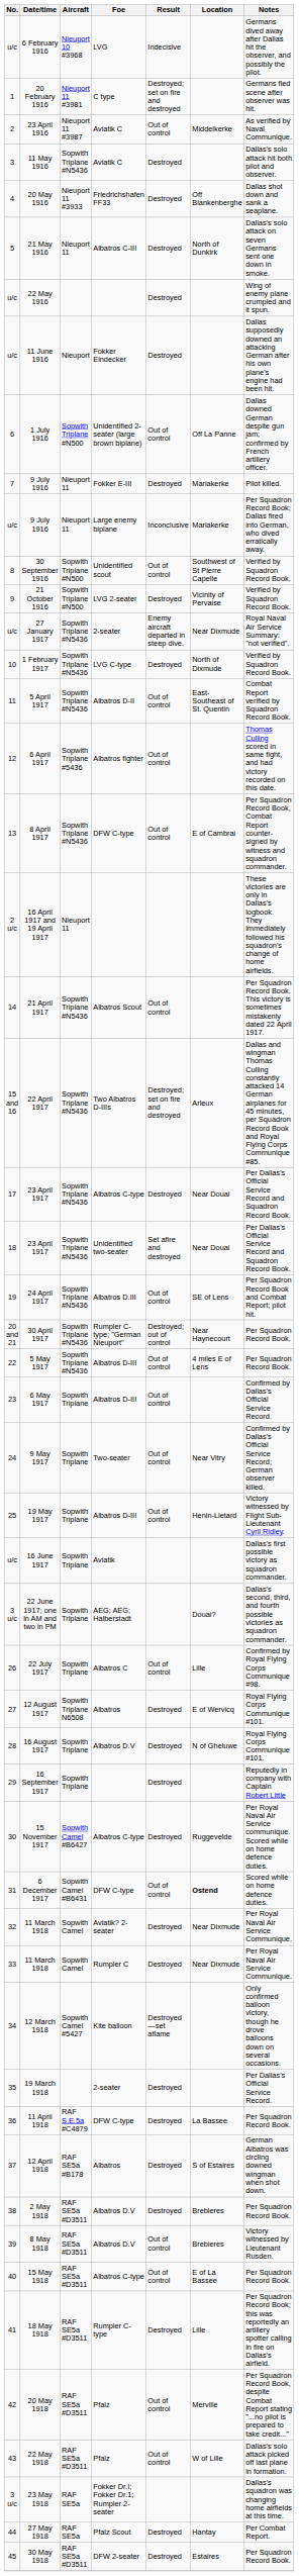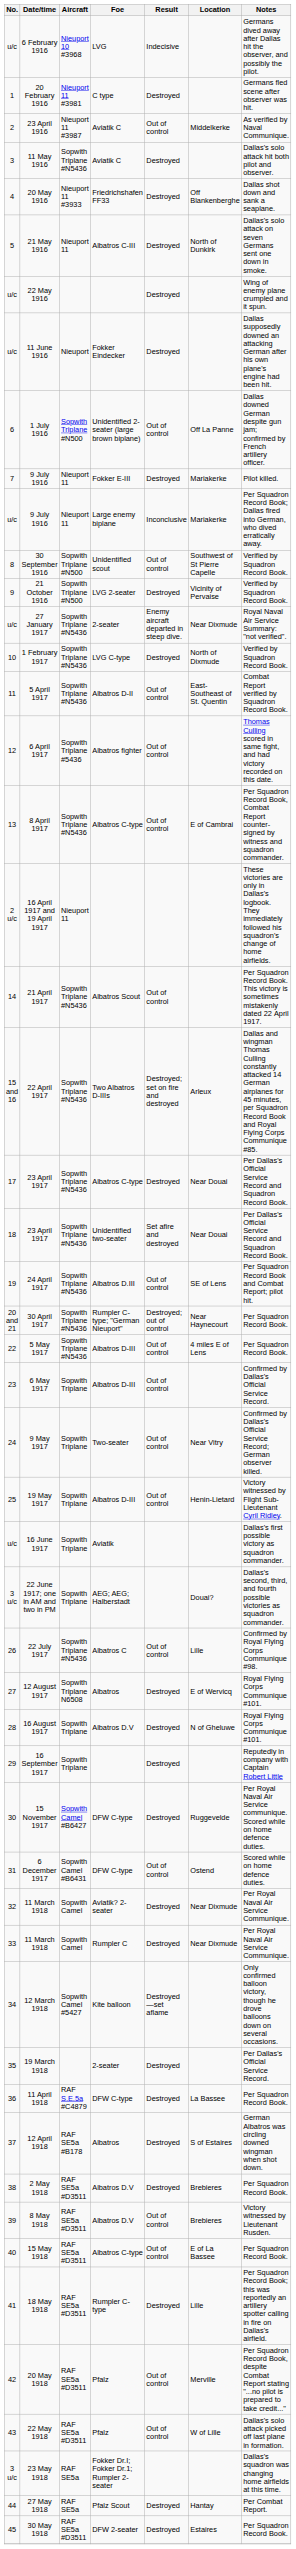 <table class="wikitable" border="1" style="margin: 1em auto 1em auto">
 <tr>
 <th>No.</th>
 <th>Date/time</th>
 <th>Aircraft</th>
 <th>Foe</th>
 <th>Result</th>
 <th>Location</th>
 <th>Notes</th>
 </tr>
 <tr>
 <td align="center">u/c</td>
 <td align="center">6 February 1916</td>
 <td><a href='#'>Nieuport 10</a> #3968</td>
 <td>LVG</td>
 <td>Indecisive</td>
 <td></td>
 <td>Germans dived away after Dallas hit the observer, and possibly the pilot.</td>
 </tr>
 <tr>
 <td align="center">1</td>
 <td align="center">20 February 1916</td>
 <td><a href='#'>Nieuport 11</a> #3981</td>
 <td>C type</td>
-<td>Destroyed; set on fire and destroyed</td>
+<td>Destroyed</td>
 <td></td>
 <td>Germans fled scene after observer was hit.</td>
 </tr>
 <tr>
 <td align="center">2</td>
 <td align="center">23 April 1916</td>
 <td>Nieuport 11 #3987</td>
 <td>Aviatik C</td>
 <td>Out of control</td>
 <td>Middelkerke</td>
 <td>As verified by Naval Communique.</td>
 </tr>
 <tr>
 <td align="center">3</td>
 <td align="center">11 May 1916</td>
 <td>Sopwith Triplane #N5436</td>
 <td>Aviatik C</td>
 <td>Destroyed</td>
 <td></td>
 <td>Dallas's solo attack hit both pilot and observer.</td>
 </tr>
 <tr>
 <td align="center">4</td>
 <td align="center">20 May 1916</td>
 <td>Nieuport 11 #3933</td>
 <td>Friedrichshafen FF33</td>
 <td>Destroyed</td>
 <td>Off Blankenberghe</td>
 <td>Dallas shot down and sank a seaplane.</td>
 </tr>
 <tr>
 <td align="center">5</td>
 <td align="center">21 May 1916</td>
 <td>Nieuport 11</td>
 <td>Albatros C-III</td>
 <td>Destroyed</td>
 <td>North of Dunkirk</td>
 <td>Dallas's solo attack on seven Germans sent one down in smoke.</td>
 </tr>
 <tr>
 <td align="center">u/c</td>
 <td align="center">22 May 1916</td>
 <td></td>
 <td></td>
 <td>Destroyed</td>
 <td></td>
 <td>Wing of enemy plane crumpled and it spun.</td>
 </tr>
 <tr>
 <td align="center">u/c</td>
 <td align="center">11 June 1916</td>
 <td>Nieuport</td>
 <td>Fokker Eindecker</td>
 <td>Destroyed</td>
 <td></td>
 <td>Dallas supposedly downed an attacking German after his own plane's engine had been hit.</td>
 </tr>
 <tr>
 <td align="center">6</td>
 <td align="center">1 July 1916</td>
 <td><a href='#'>Sopwith Triplane</a> #N500</td>
 <td>Unidentified 2-seater (large brown biplane)</td>
 <td>Out of control</td>
 <td>Off La Panne</td>
 <td>Dallas downed German despite gun jam; confirmed by French artillery officer.</td>
 </tr>
 <tr>
 <td align="center">7</td>
 <td align="center">9 July 1916</td>
 <td>Nieuport 11</td>
 <td>Fokker E-III</td>
 <td>Destroyed</td>
 <td>Mariakerke</td>
 <td>Pilot killed.</td>
 </tr>
 <tr>
 <td align="center">u/c</td>
 <td align="center">9 July 1916</td>
 <td>Nieuport 11</td>
 <td>Large enemy biplane</td>
 <td>Inconclusive</td>
 <td>Mariakerke</td>
 <td>Per Squadron Record Book; Dallas fired into German, who dived erratically away.</td>
 </tr>
 <tr>
 <td align="center">8</td>
 <td align="center">30 September 1916</td>
 <td>Sopwith Triplane #N500</td>
 <td>Unidentified scout</td>
 <td>Out of control</td>
 <td>Southwest of St Pierre Capelle</td>
 <td>Verified by Squadron Record Book.</td>
 </tr>
 <tr>
 <td align="center">9</td>
 <td align="center">21 October 1916</td>
 <td>Sopwith Triplane #N500</td>
 <td>LVG 2-seater</td>
 <td>Destroyed</td>
 <td>Vicinity of Pervaise</td>
 <td>Verified by Squadron Record Book.</td>
 </tr>
 <tr>
 <td align="center">u/c</td>
 <td align="center">27 January 1917</td>
 <td>Sopwith Triplane #N5436</td>
 <td>2-seater</td>
 <td>Enemy aircraft departed in steep dive.</td>
 <td>Near Dixmude</td>
 <td>Royal Naval Air Service Summary: "not verified".</td>
 </tr>
 <tr>
 <td align="center">10</td>
 <td align="center">1 February 1917</td>
 <td>Sopwith Triplane #N5436</td>
 <td>LVG C-type</td>
 <td>Destroyed</td>
 <td>North of Dixmude</td>
 <td>Verified by Squadron Record Book.</td>
 </tr>
 <tr>
 <td align="center">11</td>
 <td align="center">5 April 1917</td>
 <td>Sopwith Triplane #N5436</td>
 <td>Albatros D-II</td>
 <td>Out of control</td>
 <td>East-Southeast of St. Quentin</td>
 <td>Combat Report verified by Squadron Record Book.</td>
 </tr>
 <tr>
 <td align="center">12</td>
 <td align="center">6 April 1917</td>
 <td>Sopwith Triplane #5436</td>
 <td>Albatros fighter</td>
 <td>Out of control</td>
 <td></td>
 <td><a href='#'>Thomas Culling</a> scored in same fight, and had victory recorded on this date.</td>
 </tr>
 <tr>
 <td align="center">13</td>
 <td align="center">8 April 1917</td>
 <td>Sopwith Triplane #N5436</td>
-<td>DFW C-type</td>
+<td>Albatros C-type</td>
 <td>Out of control</td>
 <td>E of Cambrai</td>
 <td>Per Squadron Record Book, Combat Report counter-signed by witness and squadron commander.</td>
 </tr>
 <tr>
 <td align="center">2 u/c</td>
 <td align="center">16 April 1917 and 19 April 1917</td>
 <td>Nieuport 11</td>
 <td></td>
 <td></td>
 <td></td>
 <td>These victories are only in Dallas's logbook. They immediately followed his squadron's change of home airfields.</td>
 </tr>
 <tr>
 <td align="center">14</td>
 <td align="center">21 April 1917</td>
 <td>Sopwith Triplane #N5436</td>
 <td>Albatros Scout</td>
 <td>Out of control</td>
 <td></td>
 <td>Per Squadron Record Book. This victory is sometimes mistakenly dated 22 April 1917.</td>
 </tr>
 <tr>
 <td align="center">15 and 16</td>
 <td align="center">22 April 1917</td>
 <td>Sopwith Triplane #N5436</td>
 <td>Two Albatros D-IIIs</td>
 <td>Destroyed; set on fire and destroyed</td>
 <td>Arleux</td>
 <td>Dallas and wingman Thomas Culling constantly attacked 14 German airplanes for 45 minutes, per Squadron Record Book and Royal Flying Corps Communique #85.</td>
 </tr>
 <tr>
 <td align="center">17</td>
 <td align="center">23 April 1917</td>
 <td>Sopwith Triplane #N5436</td>
 <td>Albatros C-type</td>
 <td>Destroyed</td>
 <td>Near Douai</td>
 <td>Per Dallas's Official Service Record and Squadron Record Book.</td>
 </tr>
 <tr>
 <td align="center">18</td>
 <td align="center">23 April 1917</td>
 <td>Sopwith Triplane #N5436</td>
 <td>Unidentified two-seater</td>
 <td>Set afire and destroyed</td>
 <td>Near Douai</td>
 <td>Per Dallas's Official Service Record and Squadron Record Book.</td>
 </tr>
 <tr>
 <td align="center">19</td>
 <td align="center">24 April 1917</td>
 <td>Sopwith Triplane #N5436</td>
 <td>Albatros D.III</td>
 <td>Out of control</td>
 <td>SE of Lens</td>
 <td>Per Squadron Record Book and Combat Report; pilot hit.</td>
 </tr>
 <tr>
 <td align="center">20 and 21</td>
 <td align="center">30 April 1917</td>
 <td>Sopwith Triplane #N5436</td>
 <td>Rumpler C-type; "German Nieuport"</td>
 <td>Destroyed; out of control</td>
 <td>Near Haynecourt</td>
 <td>Per Squadron Record Book.</td>
 </tr>
 <tr>
 <td align="center">22</td>
 <td align="center">5 May 1917</td>
 <td>Sopwith Triplane #N5436</td>
 <td>Albatros D-III</td>
 <td>Out of control</td>
 <td>4 miles E of Lens</td>
 <td>Per Squadron Record Book.</td>
 </tr>
 <tr>
 <td align="center">23</td>
 <td align="center">6 May 1917</td>
 <td>Sopwith Triplane</td>
 <td>Albatros D-III</td>
 <td>Out of control</td>
 <td></td>
 <td>Confirmed by Dallas's Official Service Record.</td>
 </tr>
 <tr>
 <td align="center">24</td>
 <td align="center">9 May 1917</td>
 <td>Sopwith Triplane</td>
 <td>Two-seater</td>
 <td>Out of control</td>
 <td>Near Vitry</td>
 <td>Confirmed by Dallas's Official Service Record; German observer killed.</td>
 </tr>
 <tr>
 <td align="center">25</td>
 <td align="center">19 May 1917</td>
 <td>Sopwith Triplane</td>
 <td>Albatros D-III</td>
 <td>Out of control</td>
 <td>Henin-Lietard</td>
 <td>Victory witnessed by Flight Sub-Lieutenant <a href='#'>Cyril Ridley</a>.</td>
 </tr>
 <tr>
 <td align="center">u/c</td>
 <td align="center">16 June 1917</td>
 <td>Sopwith Triplane</td>
 <td>Aviatik</td>
 <td></td>
 <td></td>
 <td>Dallas's first possible victory as squadron commander.</td>
 </tr>
 <tr>
 <td align="center">3 u/c</td>
 <td align="center">22 June 1917; one in AM and two in PM</td>
 <td>Sopwith Triplane</td>
 <td>AEG; AEG; Halberstadt</td>
 <td></td>
 <td>Douai?</td>
 <td>Dallas's second, third, and fourth possible victories as squadron commander.</td>
 </tr>
 <tr>
 <td align="center">26</td>
 <td align="center">22 July 1917</td>
-<td>Sopwith Triplane</td>
+<td>Sopwith Triplane #N5436</td>
 <td>Albatros C</td>
 <td>Out of control</td>
 <td>Lille</td>
 <td>Confirmed by Royal Flying Corps Communique #98.</td>
 </tr>
 <tr>
 <td align="center">27</td>
 <td align="center">12 August 1917</td>
 <td>Sopwith Triplane N6508</td>
 <td>Albatros</td>
 <td>Destroyed</td>
 <td>E of Wervicq</td>
 <td>Royal Flying Corps Communique #101.</td>
 </tr>
 <tr>
 <td align="center">28</td>
 <td align="center">16 August 1917</td>
 <td>Sopwith Triplane</td>
 <td>Albatros D.V</td>
 <td>Destroyed</td>
 <td>N of Gheluwe</td>
 <td>Royal Flying Corps Communique #101.</td>
 </tr>
 <tr>
 <td align="center">29</td>
 <td align="center">16 September 1917</td>
 <td>Sopwith Triplane</td>
 <td></td>
 <td>Destroyed</td>
 <td></td>
 <td>Reputedly in company with Captain <a href='#'>Robert Little</a></td>
 </tr>
 <tr>
 <td align="center">30</td>
 <td align="center">15 November 1917</td>
 <td><a href='#'>Sopwith Camel</a> #B6427</td>
-<td>Albatros C-type</td>
+<td>DFW C-type</td>
 <td>Destroyed</td>
 <td>Ruggevelde</td>
 <td>Per Royal Naval Air Service communique. Scored while on home defence duties.</td>
 </tr>
 <tr>
 <td align="center">31</td>
 <td align="center">6 December 1917</td>
 <td>Sopwith Camel #B6431</td>
 <td>DFW C-type</td>
 <td>Out of control</td>
-<td><strong>Ostend</strong></td>
+<td>Ostend</td>
 <td>Scored while on home defence duties.</td>
 </tr>
 <tr>
 <td align="center">32</td>
 <td align="center">11 March 1918</td>
 <td>Sopwith Camel</td>
 <td>Aviatik? 2-seater</td>
 <td>Destroyed</td>
 <td>Near Dixmude</td>
 <td>Per Royal Naval Air Service Communique.</td>
 </tr>
 <tr>
 <td align="center">33</td>
 <td align="center">11 March 1918</td>
 <td>Sopwith Camel</td>
 <td>Rumpler C</td>
 <td>Destroyed</td>
 <td>Near Dixmude</td>
 <td>Per Royal Naval Air Service Communique.</td>
 </tr>
 <tr>
 <td align="center">34</td>
 <td align="center">12 March 1918</td>
 <td>Sopwith Camel #5427</td>
 <td>Kite balloon</td>
 <td>Destroyed—set aflame</td>
 <td></td>
 <td>Only confirmed balloon victory, though he drove balloons down on several occasions.</td>
 </tr>
 <tr>
 <td align="center">35</td>
 <td align="center">19 March 1918</td>
 <td></td>
 <td>2-seater</td>
 <td>Destroyed</td>
 <td></td>
 <td>Per Dallas's Official Service Record.</td>
 </tr>
 <tr>
 <td align="center">36</td>
 <td align="center">11 April 1918</td>
 <td>RAF <a href='#'>S.E.5a</a> #C4879</td>
 <td>DFW C-type</td>
 <td>Destroyed</td>
 <td>La Bassee</td>
 <td>Per Squadron Record Book.</td>
 </tr>
 <tr>
 <td align="center">37</td>
 <td align="center">12 April 1918</td>
 <td>RAF SE5a #B178</td>
 <td>Albatros</td>
 <td>Destroyed</td>
 <td>S of Estaires</td>
 <td>German Albatros was circling downed wingman when shot down.</td>
 </tr>
 <tr>
 <td align="center">38</td>
 <td align="center">2 May 1918</td>
 <td>RAF SE5a #D3511</td>
 <td>Albatros D.V</td>
 <td>Destroyed</td>
 <td>Brebieres</td>
 <td>Per Squadron Record Book.</td>
 </tr>
 <tr>
 <td align="center">39</td>
 <td align="center">8 May 1918</td>
 <td>RAF SE5a #D3511</td>
 <td>Albatros D.V</td>
 <td>Out of control</td>
 <td>Brebieres</td>
 <td>Victory witnessed by Lieutenant Rusden.</td>
 </tr>
 <tr>
 <td align="center">40</td>
 <td align="center">15 May 1918</td>
 <td>RAF SE5a #D3511</td>
 <td>Albatros C-type</td>
 <td>Out of control</td>
 <td>E of La Bassee</td>
 <td>Per Squadron Record Book.</td>
 </tr>
 <tr>
 <td align="center">41</td>
 <td align="center">18 May 1918</td>
 <td>RAF SE5a #D3511</td>
 <td>Rumpler C-type</td>
 <td>Destroyed</td>
 <td>Lille</td>
 <td>Per Squadron Record Book; this was reportedly an artillery spotter calling in fire on Dallas's airfield.</td>
 </tr>
 <tr>
 <td align="center">42</td>
 <td align="center">20 May 1918</td>
 <td>RAF SE5a #D3511</td>
 <td>Pfalz</td>
 <td>Out of control</td>
 <td>Merville</td>
 <td>Per Squadron Record Book, despite Combat Report stating "...no pilot is prepared to take credit..."</td>
 </tr>
 <tr>
 <td align="center">43</td>
 <td align="center">22 May 1918</td>
 <td>RAF SE5a #D3511</td>
 <td>Pfalz</td>
 <td>Out of control</td>
 <td>W of Lille</td>
 <td>Dallas's solo attack picked off last plane in formation.</td>
 </tr>
 <tr>
 <td align="center">3 u/c</td>
 <td align="center">23 May 1918</td>
 <td>RAF SE5a</td>
 <td>Fokker Dr.I; Fokker Dr.1; Rumpler 2-seater</td>
 <td></td>
 <td></td>
 <td>Dallas's squadron was changing home airfields at this time.</td>
 </tr>
 <tr>
 <td align="center">44</td>
 <td align="center">27 May 1918</td>
 <td>RAF SE5a</td>
 <td>Pfalz Scout</td>
 <td>Destroyed</td>
 <td>Hantay</td>
 <td>Per Combat Report.</td>
 </tr>
 <tr>
 <td align="center">45</td>
 <td align="center">30 May 1918</td>
 <td>RAF SE5a #D3511</td>
 <td>DFW 2-seater</td>
 <td>Destroyed</td>
 <td>Estaires</td>
 <td>Per Squadron Record Book.</td>
 </tr>
 <tr>
 </tr>
 </table>
